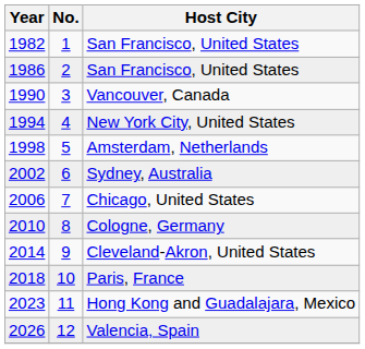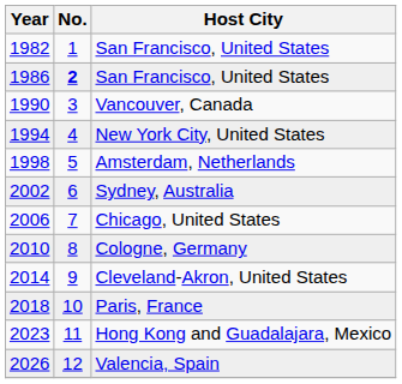 <table class="wikitable">
 <tr>
 <th>Year</th>
 <th>No.</th>
 <th>Host City</th>
 </tr>
 <tr>
 <td align=center><a href='#'>1982</a></td>
 <td align=center><a href='#'>1</a></td>
 <td> <a href='#'>San Francisco</a>, <a href='#'>United States</a></td>
 </tr>
 <tr bgcolor="#EFEFEF">
 <td align=center><a href='#'>1986</a></td>
-<td align=center><a href='#'>2</a></td>
+<td align=center><strong><a href='#'>2</a></strong></td>
 <td> <a href='#'>San Francisco</a>, United States</td>
 </tr>
 <tr>
 <td align=center><a href='#'>1990</a></td>
 <td align=center><a href='#'>3</a></td>
 <td> <a href='#'>Vancouver</a>, Canada</td>
 </tr>
 <tr bgcolor="#EFEFEF">
 <td align=center><a href='#'>1994</a></td>
 <td align=center><a href='#'>4</a></td>
 <td> <a href='#'>New York City</a>,  United States</td>
 </tr>
 <tr>
 <td align=center><a href='#'>1998</a></td>
 <td align=center><a href='#'>5</a></td>
 <td> <a href='#'>Amsterdam</a>, <a href='#'>Netherlands</a></td>
 </tr>
 <tr bgcolor="#EFEFEF">
 <td align=center><a href='#'>2002</a></td>
 <td align=center><a href='#'>6</a></td>
 <td> <a href='#'>Sydney</a>, <a href='#'>Australia</a></td>
 </tr>
 <tr>
 <td align=center><a href='#'>2006</a></td>
 <td align=center><a href='#'>7</a></td>
 <td> <a href='#'>Chicago</a>, United States</td>
 </tr>
 <tr bgcolor="#EFEFEF">
 <td align=center><a href='#'>2010</a></td>
 <td align=center><a href='#'>8</a></td>
 <td> <a href='#'>Cologne</a>, <a href='#'>Germany</a></td>
 </tr>
 <tr>
 <td align=center><a href='#'>2014</a></td>
 <td align=center><a href='#'>9</a></td>
 <td> <a href='#'>Cleveland</a>-<a href='#'>Akron</a>, United States</td>
 </tr>
 <tr bgcolor="#EFEFEF">
 <td align=center><a href='#'>2018</a></td>
 <td align=center><a href='#'>10</a></td>
 <td> <a href='#'>Paris</a>, <a href='#'>France</a></td>
 </tr>
 <tr>
 <td align=center><a href='#'>2023</a></td>
 <td align=center><a href='#'>11</a></td>
 <td> <a href='#'>Hong Kong</a> and  <a href='#'>Guadalajara</a>, Mexico</td>
 </tr>
 <tr bgcolor="#EFEFEF">
 <td align=center><a href='#'>2026</a></td>
 <td align=center><a href='#'>12</a></td>
 <td> <a href='#'>Valencia, Spain</a></td>
 </tr>
 <tr>
 </tr>
 </table>
